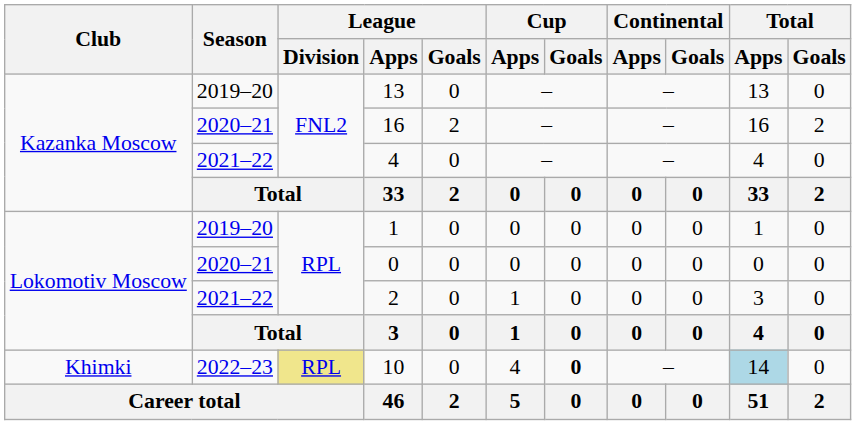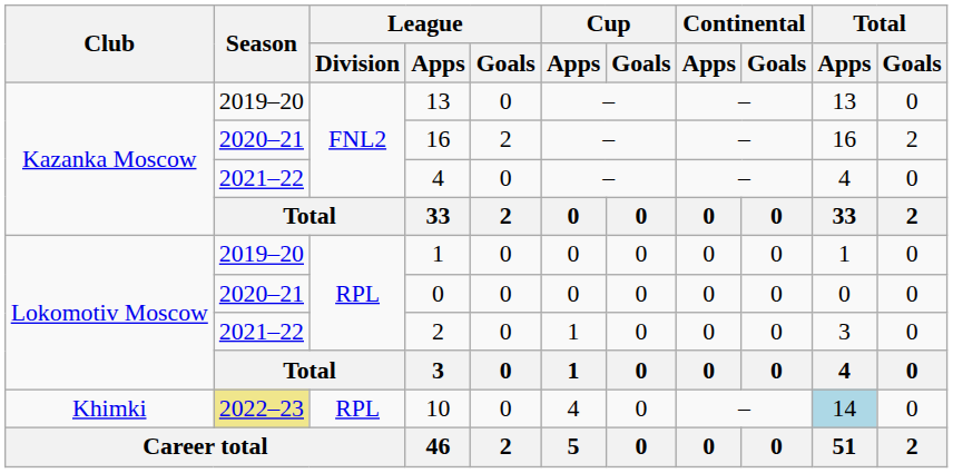 <table class="wikitable" style="text-align: center;">
 <tr>
 <th rowspan=2>Club</th>
 <th rowspan=2>Season</th>
 <th colspan=3>League</th>
 <th colspan=2>Cup</th>
 <th colspan=2>Continental</th>
 <th colspan=2>Total</th>
 </tr>
 <tr>
 <th>Division</th>
 <th>Apps</th>
 <th>Goals</th>
 <th>Apps</th>
 <th>Goals</th>
 <th>Apps</th>
 <th>Goals</th>
 <th>Apps</th>
 <th>Goals</th>
 </tr>
 <tr>
 <td rowspan="4"><a href='#'>Kazanka Moscow</a></td>
 <td>2019–20</td>
 <td rowspan="3"><a href='#'>FNL2</a></td>
 <td>13</td>
 <td>0</td>
 <td colspan=2>–</td>
 <td colspan=2>–</td>
 <td>13</td>
 <td>0</td>
 </tr>
 <tr>
 <td><a href='#'>2020–21</a></td>
 <td>16</td>
 <td>2</td>
 <td colspan=2>–</td>
 <td colspan=2>–</td>
 <td>16</td>
 <td>2</td>
 </tr>
 <tr>
 <td><a href='#'>2021–22</a></td>
 <td>4</td>
 <td>0</td>
 <td colspan=2>–</td>
 <td colspan=2>–</td>
 <td>4</td>
 <td>0</td>
 </tr>
 <tr>
 <th colspan=2>Total</th>
 <th>33</th>
 <th>2</th>
 <th>0</th>
 <th>0</th>
 <th>0</th>
 <th>0</th>
 <th>33</th>
 <th>2</th>
 </tr>
 <tr>
 <td rowspan="4"><a href='#'>Lokomotiv Moscow</a></td>
 <td><a href='#'>2019–20</a></td>
 <td rowspan="3"><a href='#'>RPL</a></td>
 <td>1</td>
 <td>0</td>
 <td>0</td>
 <td>0</td>
 <td>0</td>
 <td>0</td>
 <td>1</td>
 <td>0</td>
 </tr>
 <tr>
 <td><a href='#'>2020–21</a></td>
 <td>0</td>
 <td>0</td>
 <td>0</td>
 <td>0</td>
 <td>0</td>
 <td>0</td>
 <td>0</td>
 <td>0</td>
 </tr>
 <tr>
 <td><a href='#'>2021–22</a></td>
 <td>2</td>
 <td>0</td>
 <td>1</td>
 <td>0</td>
 <td>0</td>
 <td>0</td>
 <td>3</td>
 <td>0</td>
 </tr>
 <tr>
 <th colspan=2>Total</th>
 <th>3</th>
 <th>0</th>
 <th>1</th>
 <th>0</th>
 <th>0</th>
 <th>0</th>
 <th>4</th>
 <th>0</th>
 </tr>
 <tr>
 <td><a href='#'>Khimki</a></td>
-<td><a href='#'>2022–23</a></td>
-<td style="background: khaki;"><a href='#'>RPL</a></td>
+<td style="background: khaki;"><a href='#'>2022–23</a></td>
+<td><a href='#'>RPL</a></td>
 <td>10</td>
 <td>0</td>
 <td>4</td>
-<td><strong>0</strong></td>
+<td>0</td>
 <td colspan=2>–</td>
 <td style="background: lightblue;">14</td>
 <td>0</td>
 </tr>
 <tr>
 <th colspan=3>Career total</th>
 <th>46</th>
 <th>2</th>
 <th>5</th>
 <th>0</th>
 <th>0</th>
 <th>0</th>
 <th>51</th>
 <th>2</th>
 </tr>
 </table>
